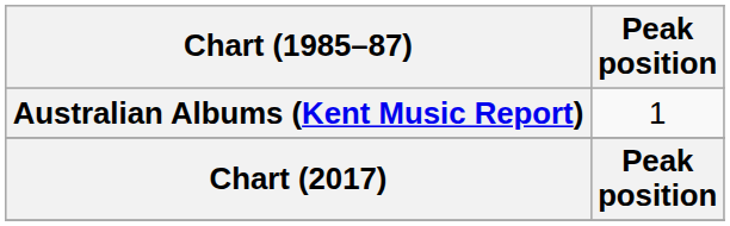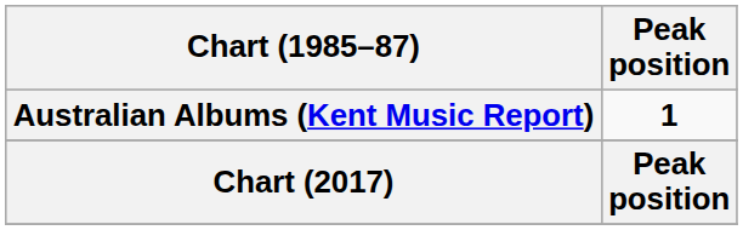 <table class="wikitable sortable plainrowheaders" style="text-align:center">
 <tr>
 <th scope="col">Chart (1985–87)</th>
 <th scope="col">Peak<br>position</th>
 </tr>
 <tr>
 <th scope="row">Australian Albums (<a href='#'>Kent Music Report</a>)</th>
-<td>1</td>
+<td><strong>1</strong></td>
 </tr>
 <tr>
 </tr>
 <tr>
 </tr>
 <tr>
 <th scope="col">Chart (2017)</th>
 <th scope="col">Peak<br>position</th>
 </tr>
 <tr>
 </tr>
 </table>
